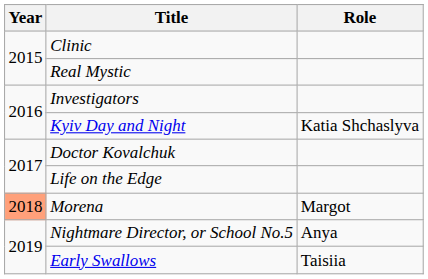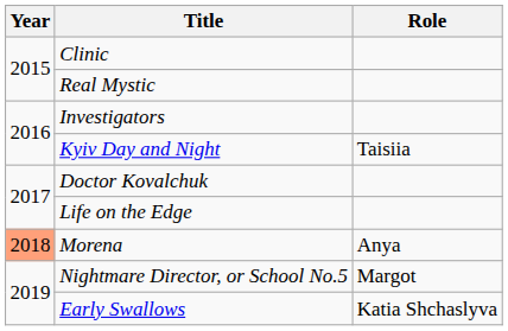 <table class="wikitable">
 <tr>
 <th>Year</th>
 <th>Title</th>
 <th>Role</th>
 </tr>
 <tr>
 <td rowspan="2">2015</td>
 <td><em>Clinic</em></td>
 <td></td>
 </tr>
 <tr>
 <td><em>Real Mystic</em></td>
 <td></td>
 </tr>
 <tr>
 <td rowspan="2">2016</td>
 <td><em>Investigators</em></td>
 <td></td>
 </tr>
 <tr>
 <td><em><a href='#'>Kyiv Day and Night</a></em></td>
-<td>Katia Shchaslyva</td>
+<td>Taisiia</td>
 </tr>
 <tr>
 <td rowspan="2">2017</td>
 <td><em>Doctor Kovalchuk</em></td>
 <td></td>
 </tr>
 <tr>
 <td><em>Life on the Edge</em></td>
 <td></td>
 </tr>
 <tr>
 <td style="background: lightsalmon;">2018</td>
 <td><em>Morena</em></td>
-<td>Margot</td>
+<td>Anya</td>
 </tr>
 <tr>
 <td rowspan="2">2019</td>
 <td><em>Nightmare Director, or School No.5</em></td>
-<td>Anya</td>
+<td>Margot</td>
 </tr>
 <tr>
 <td><em><a href='#'>Early Swallows</a></em></td>
-<td>Taisiia</td>
+<td>Katia Shchaslyva</td>
 </tr>
 </table>
